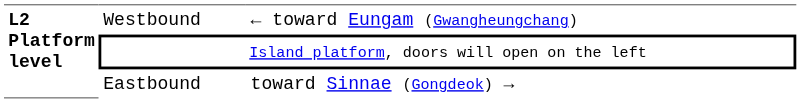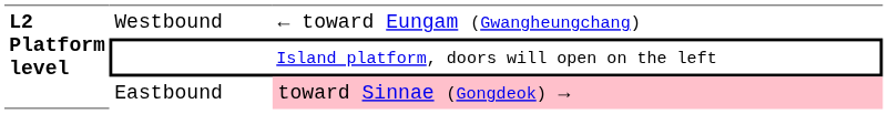 <table table border=0 cellspacing=0 cellpadding=3>
 <tr>
 <td style="border-top:solid 1px gray;border-bottom:solid 1px gray;" width=50 rowspan=10 valign=top><strong>L2<br>Platform level</strong></td>
 <td style="border-bottom:solid 0px gray;border-top:solid 1px gray;" width=100>Westbound</td>
 <td style="border-bottom:solid 0px gray;border-top:solid 1px gray;" width=390>←  toward <a href='#'>Eungam</a> <small>(<a href='#'>Gwangheungchang</a>)</small></td>
 </tr>
 <tr>
 <td style="border-top:solid 2px black;border-right:solid 2px black;border-left:solid 2px black;border-bottom:solid 2px black;text-align:center;" colspan=2><small><a href='#'>Island platform</a>, doors will open on the left </small></td>
 </tr>
 <tr>
 <td>Eastbound</td>
-<td>  toward <a href='#'>Sinnae</a> <small>(<a href='#'>Gongdeok</a>)</small> →</td>
+<td style="background: pink;">  toward <a href='#'>Sinnae</a> <small>(<a href='#'>Gongdeok</a>)</small> →</td>
 </tr>
 </table>
